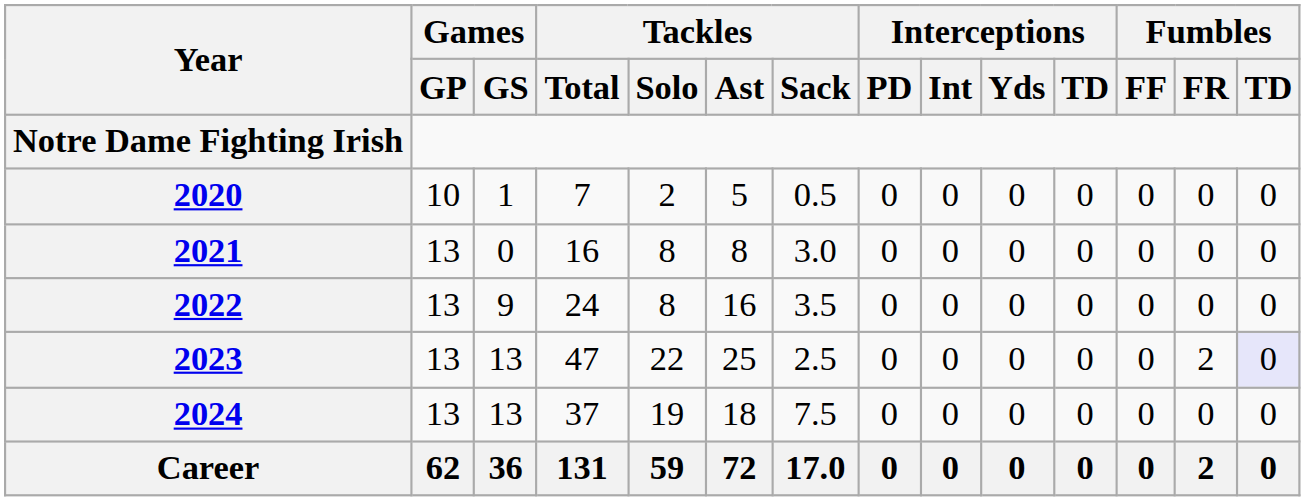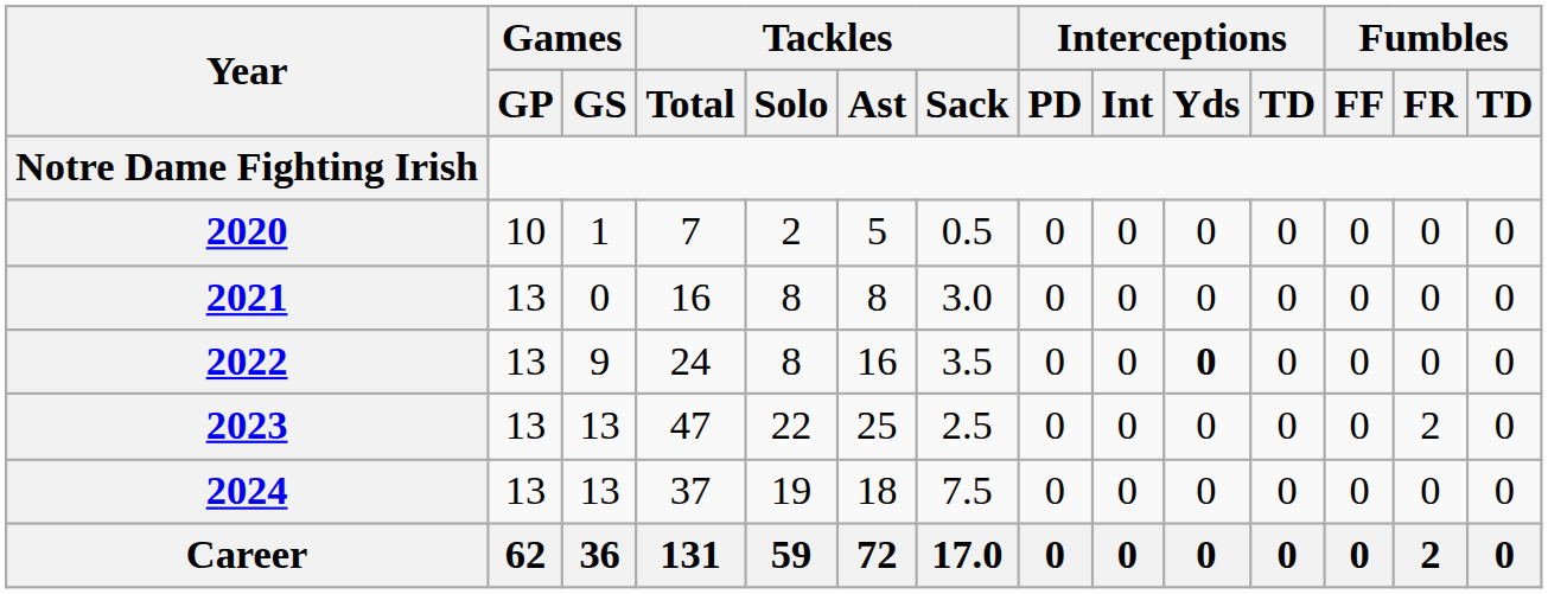 <table class="wikitable" style="text-align:center;">
 <tr>
 <th rowspan="2">Year</th>
 <th colspan="2">Games</th>
 <th colspan="4">Tackles</th>
 <th colspan="4">Interceptions</th>
 <th colspan="3">Fumbles</th>
 </tr>
 <tr>
 <th>GP</th>
 <th>GS</th>
 <th>Total</th>
 <th>Solo</th>
 <th>Ast</th>
 <th>Sack</th>
 <th>PD</th>
 <th>Int</th>
 <th>Yds</th>
 <th>TD</th>
 <th>FF</th>
 <th>FR</th>
 <th>TD</th>
 </tr>
 <tr>
 <th>Notre Dame Fighting Irish</th>
 </tr>
 <tr>
 <th><a href='#'>2020</a></th>
 <td>10</td>
 <td>1</td>
 <td>7</td>
 <td>2</td>
 <td>5</td>
 <td>0.5</td>
 <td>0</td>
 <td>0</td>
 <td>0</td>
 <td>0</td>
 <td>0</td>
 <td>0</td>
 <td>0</td>
 </tr>
 <tr>
 <th><a href='#'>2021</a></th>
 <td>13</td>
 <td>0</td>
 <td>16</td>
 <td>8</td>
 <td>8</td>
 <td>3.0</td>
 <td>0</td>
 <td>0</td>
 <td>0</td>
 <td>0</td>
 <td>0</td>
 <td>0</td>
 <td>0</td>
 </tr>
 <tr>
 <th><a href='#'>2022</a></th>
 <td>13</td>
 <td>9</td>
 <td>24</td>
 <td>8</td>
 <td>16</td>
 <td>3.5</td>
 <td>0</td>
 <td>0</td>
-<td>0</td>
+<td><strong>0</strong></td>
 <td>0</td>
 <td>0</td>
 <td>0</td>
 <td>0</td>
 </tr>
 <tr>
 <th><a href='#'>2023</a></th>
 <td>13</td>
 <td>13</td>
 <td>47</td>
 <td>22</td>
 <td>25</td>
 <td>2.5</td>
 <td>0</td>
 <td>0</td>
 <td>0</td>
 <td>0</td>
 <td>0</td>
 <td>2</td>
-<td style="background: lavender;">0</td>
+<td>0</td>
 </tr>
 <tr>
 <th><a href='#'>2024</a></th>
 <td>13</td>
 <td>13</td>
 <td>37</td>
 <td>19</td>
 <td>18</td>
 <td>7.5</td>
 <td>0</td>
 <td>0</td>
 <td>0</td>
 <td>0</td>
 <td>0</td>
 <td>0</td>
 <td>0</td>
 </tr>
 <tr>
 <th align=center colspan="1">Career</th>
 <th>62</th>
 <th>36</th>
 <th>131</th>
 <th>59</th>
 <th>72</th>
 <th>17.0</th>
 <th>0</th>
 <th>0</th>
 <th>0</th>
 <th>0</th>
 <th>0</th>
 <th>2</th>
 <th>0</th>
 </tr>
 </table>
